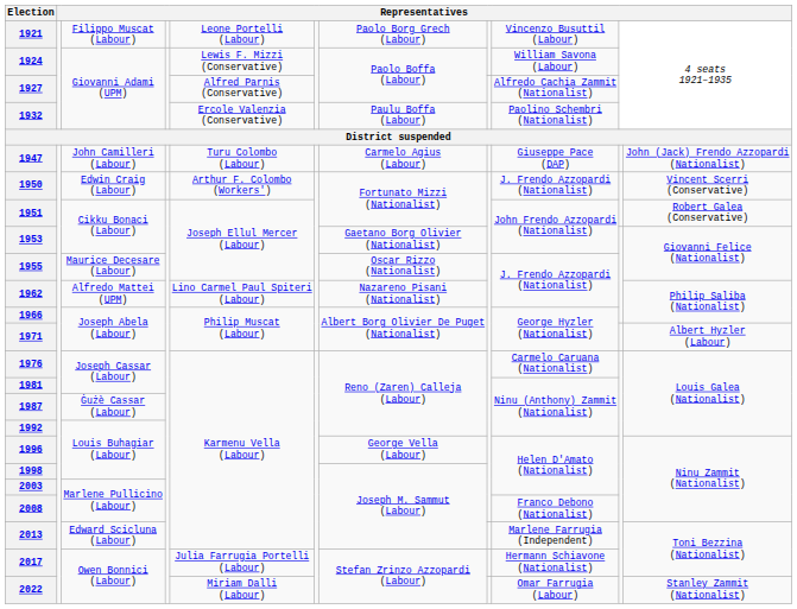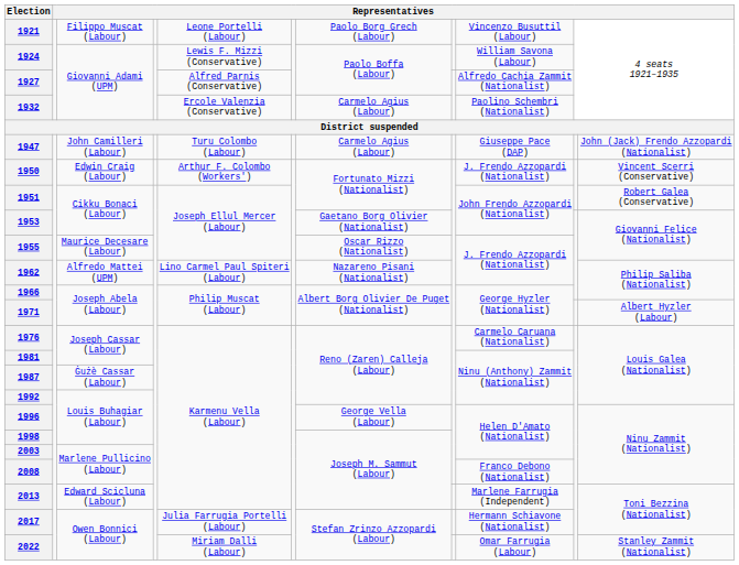 <table class="wikitable" style="text-align:center">
 <tr>
 <th>Election</th>
 <th colspan=10>Representatives</th>
 </tr>
 <tr>
 <th><a href='#'>1921</a></th>
 <td rowspan=4; style="background-color: "></td>
 <td rowspan=1><a href='#'>Filippo Muscat</a><br>(<a href='#'>Labour</a>)</td>
 <td rowspan=1; style="background-color: "></td>
 <td rowspan=1><a href='#'>Leone Portelli</a><br>(<a href='#'>Labour</a>)</td>
 <td rowspan=4; style="background-color: "></td>
 <td rowspan=1><a href='#'>Paolo Borg Grech</a><br>(<a href='#'>Labour</a>)</td>
 <td rowspan=2; style="background-color: "></td>
 <td rowspan=1><a href='#'>Vincenzo Busuttil</a><br>(<a href='#'>Labour</a>)</td>
 <td style="background-color:#FFFFFF" rowspan=4 colspan=2><em>4 seats<br>1921–1935</em></td>
 </tr>
 <tr>
 <th><a href='#'>1924</a></th>
 <td rowspan=3><a href='#'>Giovanni Adami</a><br>(<a href='#'>UPM</a>)</td>
 <td rowspan=3; style="background-color: "></td>
 <td rowspan=1><a href='#'>Lewis F. Mizzi</a><br>(Conservative)</td>
 <td rowspan=2><a href='#'>Paolo Boffa</a><br>(<a href='#'>Labour</a>)</td>
 <td rowspan=1><a href='#'>William Savona</a><br>(<a href='#'>Labour</a>)</td>
 </tr>
 <tr>
 <th><a href='#'>1927</a></th>
 <td rowspan=1><a href='#'>Alfred Parnis</a><br>(Conservative)</td>
 <td rowspan=2; style="background-color: "></td>
 <td rowspan=1><a href='#'>Alfredo Cachia Zammit</a><br>(<a href='#'>Nationalist</a>)</td>
 </tr>
 <tr>
 <th><a href='#'>1932</a></th>
 <td rowspan=1><a href='#'>Ercole Valenzia</a><br>(Conservative)</td>
-<td rowspan=1><a href='#'>Paulu Boffa</a><br>(<a href='#'>Labour</a>)</td>
+<td rowspan=1><a href='#'>Carmelo Agius</a><br>(<a href='#'>Labour</a>)</td>
 <td rowspan=1><a href='#'>Paolino Schembri</a><br>(<a href='#'>Nationalist</a>)</td>
 </tr>
 <tr>
 <th colspan=21>District suspended</th>
 </tr>
 <tr>
 <th><a href='#'>1947</a></th>
 <td rowspan=19; style="background-color: "></td>
 <td rowspan=1><a href='#'>John Camilleri</a><br>(<a href='#'>Labour</a>)</td>
 <td rowspan=1; style="background-color: "></td>
 <td rowspan=1><a href='#'>Turu Colombo</a><br>(<a href='#'>Labour</a>)</td>
 <td rowspan=1; style="background-color: "></td>
 <td rowspan=1><a href='#'>Carmelo Agius</a><br>(<a href='#'>Labour</a>)</td>
 <td rowspan=1; style="background-color: "></td>
 <td rowspan=1><a href='#'>Giuseppe Pace</a><br>(<a href='#'>DAP</a>)</td>
 <td rowspan=1; style="background-color: "></td>
 <td rowspan=1><a href='#'>John (Jack) Frendo Azzopardi</a><br>(<a href='#'>Nationalist</a>)</td>
 </tr>
 <tr>
 <th><a href='#'>1950</a></th>
 <td rowspan=1><a href='#'>Edwin Craig</a><br>(<a href='#'>Labour</a>)</td>
 <td rowspan=1; style="background-color: "></td>
 <td rowspan=1><a href='#'>Arthur F. Colombo</a><br>(<a href='#'>Workers'</a>)</td>
 <td rowspan=7; style="background-color: "></td>
 <td rowspan=2><a href='#'>Fortunato Mizzi</a><br>(<a href='#'>Nationalist</a>)</td>
 <td rowspan=15; style="background-color: "></td>
 <td rowspan=1><a href='#'>J. Frendo Azzopardi</a><br>(<a href='#'>Nationalist</a>)</td>
 <td rowspan=2; style="background-color: "></td>
 <td rowspan=1><a href='#'>Vincent Scerri</a><br>(Conservative)</td>
 </tr>
 <tr>
 <th><a href='#'>1951</a></th>
 <td rowspan=2><a href='#'>Cikku Bonaci</a><br>(<a href='#'>Labour</a>)</td>
 <td rowspan=17; style="background-color: "></td>
 <td rowspan=3><a href='#'>Joseph Ellul Mercer</a><br>(<a href='#'>Labour</a>)</td>
 <td rowspan=2><a href='#'>John Frendo Azzopardi</a><br>(<a href='#'>Nationalist</a>)</td>
 <td><a href='#'>Robert Galea</a><br>(Conservative)</td>
 </tr>
 <tr>
 <th><a href='#'>1953</a></th>
 <td rowspan=1><a href='#'>Gaetano Borg Olivier</a><br>(<a href='#'>Nationalist</a>)</td>
 <td rowspan=4; style="background-color: "></td>
 <td rowspan=2><a href='#'>Giovanni Felice</a><br>(<a href='#'>Nationalist</a>)</td>
 </tr>
 <tr>
 <th><a href='#'>1955</a></th>
 <td rowspan=1><a href='#'>Maurice Decesare</a><br>(<a href='#'>Labour</a>)</td>
 <td rowspan=1><a href='#'>Oscar Rizzo</a><br>(<a href='#'>Nationalist</a>)</td>
 <td rowspan=2><a href='#'>J. Frendo Azzopardi</a><br>(<a href='#'>Nationalist</a>)</td>
 </tr>
 <tr>
 <th><a href='#'>1962</a></th>
 <td rowspan=1><a href='#'>Alfredo Mattei</a><br>(<a href='#'>UPM</a>)</td>
 <td rowspan=1><a href='#'>Lino Carmel Paul Spiteri</a><br>(<a href='#'>Labour</a>)</td>
 <td rowspan=1><a href='#'>Nazareno Pisani</a><br>(<a href='#'>Nationalist</a>)</td>
 <td rowspan=2><a href='#'>Philip Saliba</a><br>(<a href='#'>Nationalist</a>)</td>
 </tr>
 <tr>
 <th><a href='#'>1966</a></th>
 <td rowspan=2><a href='#'>Joseph Abela</a><br>(<a href='#'>Labour</a>)</td>
 <td rowspan=2><a href='#'>Philip Muscat</a><br>(<a href='#'>Labour</a>)</td>
 <td rowspan=2><a href='#'>Albert Borg Olivier De Puget</a><br>(<a href='#'>Nationalist</a>)</td>
 <td rowspan=2><a href='#'>George Hyzler</a><br>(<a href='#'>Nationalist</a>)</td>
 </tr>
 <tr>
 <th><a href='#'>1971</a></th>
 <td rowspan=1; style="background-color: "></td>
 <td rowspan=1><a href='#'>Albert Hyzler</a><br>(<a href='#'>Labour</a>)</td>
 </tr>
 <tr>
 <th><a href='#'>1976</a></th>
 <td rowspan=2><a href='#'>Joseph Cassar</a><br>(<a href='#'>Labour</a>)</td>
 <td rowspan=9><a href='#'>Karmenu Vella</a><br>(<a href='#'>Labour</a>)</td>
 <td rowspan=11; style="background-color: "></td>
 <td rowspan=4><a href='#'>Reno (Zaren) Calleja</a><br>(<a href='#'>Labour</a>)</td>
 <td rowspan=1><a href='#'>Carmelo Caruana</a><br>(<a href='#'>Nationalist</a>)</td>
 <td rowspan=11; style="background-color: "></td>
 <td rowspan=4><a href='#'>Louis Galea</a><br>(<a href='#'>Nationalist</a>)</td>
 </tr>
 <tr>
 <th><a href='#'>1981</a></th>
 <td rowspan=3><a href='#'>Ninu (Anthony) Zammit</a><br>(<a href='#'>Nationalist</a>)</td>
 </tr>
 <tr>
 <th><a href='#'>1987</a></th>
 <td rowspan=1><a href='#'>Ġużè Cassar</a><br>(<a href='#'>Labour</a>)</td>
 </tr>
 <tr>
 <th><a href='#'>1992</a></th>
 <td rowspan=3><a href='#'>Louis Buhagiar</a><br>(<a href='#'>Labour</a>)</td>
 </tr>
 <tr>
 <th><a href='#'>1996</a></th>
 <td rowspan=1><a href='#'>George Vella</a><br>(<a href='#'>Labour</a>)</td>
 <td rowspan=3><a href='#'>Helen D'Amato</a><br>(<a href='#'>Nationalist</a>)</td>
 <td rowspan=4><a href='#'>Ninu Zammit</a><br>(<a href='#'>Nationalist</a>)</td>
 </tr>
 <tr>
 <th><a href='#'>1998</a></th>
 <td rowspan=4><a href='#'>Joseph M. Sammut</a><br>(<a href='#'>Labour</a>)</td>
 </tr>
 <tr>
 <th><a href='#'>2003</a></th>
 <td rowspan=2><a href='#'>Marlene Pullicino</a><br>(<a href='#'>Labour</a>)</td>
 </tr>
 <tr>
 <th><a href='#'>2008</a></th>
 <td rowspan=1><a href='#'>Franco Debono</a><br>(<a href='#'>Nationalist</a>)</td>
 </tr>
 <tr>
 <th><a href='#'>2013</a></th>
 <td><a href='#'>Edward Scicluna</a><br>(<a href='#'>Labour</a>)</td>
 <td rowspan=1; style="background-color: "></td>
 <td><a href='#'>Marlene Farrugia</a><br>(Independent)</td>
 <td rowspan=2><a href='#'>Toni Bezzina</a><br>(<a href='#'>Nationalist</a>)</td>
 </tr>
 <tr>
 <th><a href='#'>2017</a></th>
 <td rowspan=2><a href='#'>Owen Bonnici</a><br>(<a href='#'>Labour</a>)</td>
 <td><a href='#'>Julia Farrugia Portelli</a><br>(<a href='#'>Labour</a>)</td>
 <td rowspan=2><a href='#'>Stefan Zrinzo Azzopardi</a><br>(<a href='#'>Labour</a>)</td>
 <td rowspan=1; style="background-color: "></td>
 <td><a href='#'>Hermann Schiavone</a><br>(<a href='#'>Nationalist</a>)</td>
 </tr>
 <tr>
 <th><a href='#'>2022</a></th>
 <td rowspan=1><a href='#'>Miriam Dalli</a><br>(<a href='#'>Labour</a>)</td>
 <td rowspan=1; style="background-color: "></td>
 <td rowspan=1><a href='#'>Omar Farrugia</a><br>(<a href='#'>Labour</a>)</td>
 <td><a href='#'>Stanley Zammit</a><br>(<a href='#'>Nationalist</a>)</td>
 </tr>
 </table>
